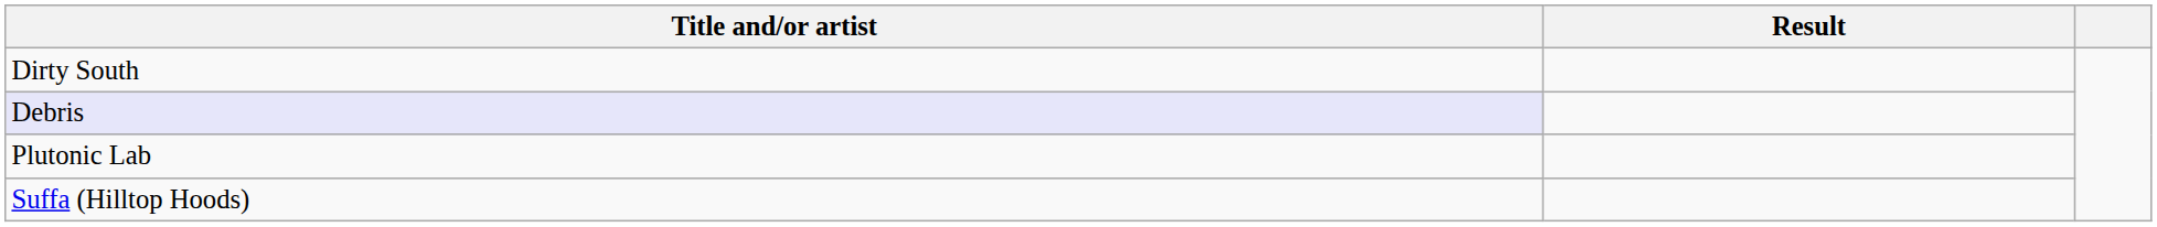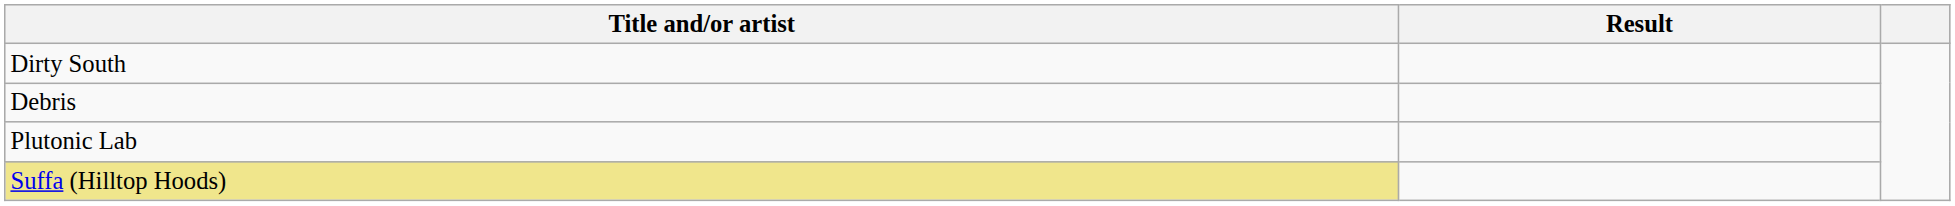 <table class="wikitable" width="100%">
 <tr>
 <th scope="col">Title and/or artist</th>
 <th scope="col">Result</th>
 <th scope="col"></th>
 </tr>
 <tr>
 <td>Dirty South</td>
 <td></td>
 <td rowspan="4"></td>
 </tr>
 <tr>
-<td style="background: lavender;">Debris</td>
+<td>Debris</td>
 <td></td>
 </tr>
 <tr>
 <td>Plutonic Lab</td>
 <td></td>
 </tr>
 <tr>
-<td><a href='#'>Suffa</a> (Hilltop Hoods)</td>
+<td style="background: khaki;"><a href='#'>Suffa</a> (Hilltop Hoods)</td>
 <td></td>
 </tr>
 </table>
